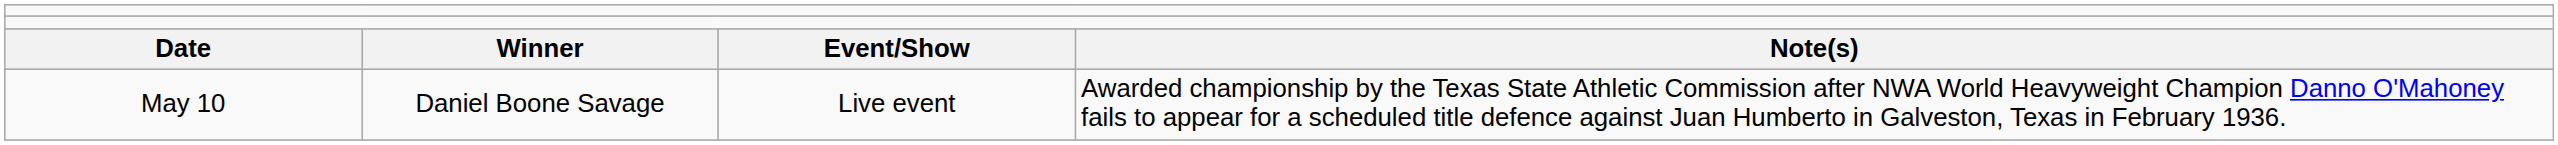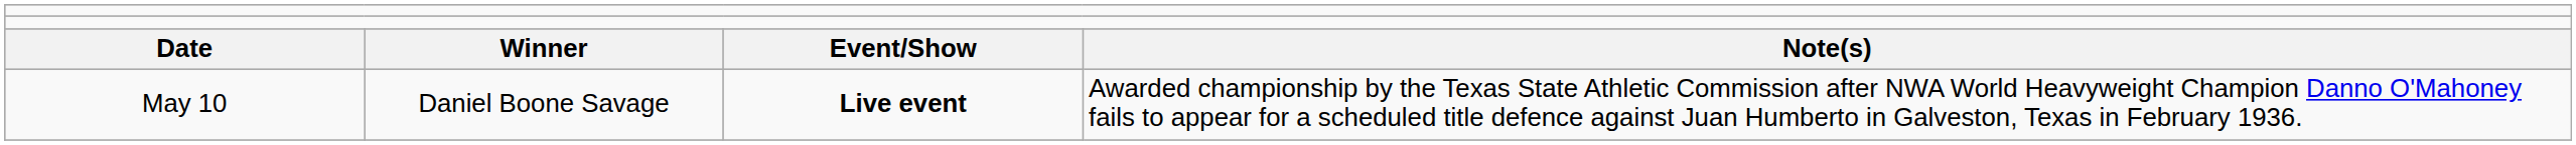 <table class="wikitable" style="text-align:center; width:100%;">
 <tr>
 <td colspan="5"></td>
 </tr>
 <tr>
 <td colspan="5"><strong></strong></td>
 </tr>
 <tr>
 <th width=14%>Date</th>
 <th width=14%>Winner</th>
 <th width=14%>Event/Show</th>
 <th width=58%>Note(s)</th>
 </tr>
 <tr>
 <td>May 10</td>
 <td>Daniel Boone Savage</td>
-<td>Live event</td>
+<td><strong>Live event</strong></td>
 <td align=left>Awarded championship by the Texas State Athletic Commission after NWA World Heavyweight Champion <a href='#'>Danno O'Mahoney</a> fails to appear for a scheduled title defence against Juan Humberto in Galveston, Texas in February 1936.</td>
 </tr>
 </table>
